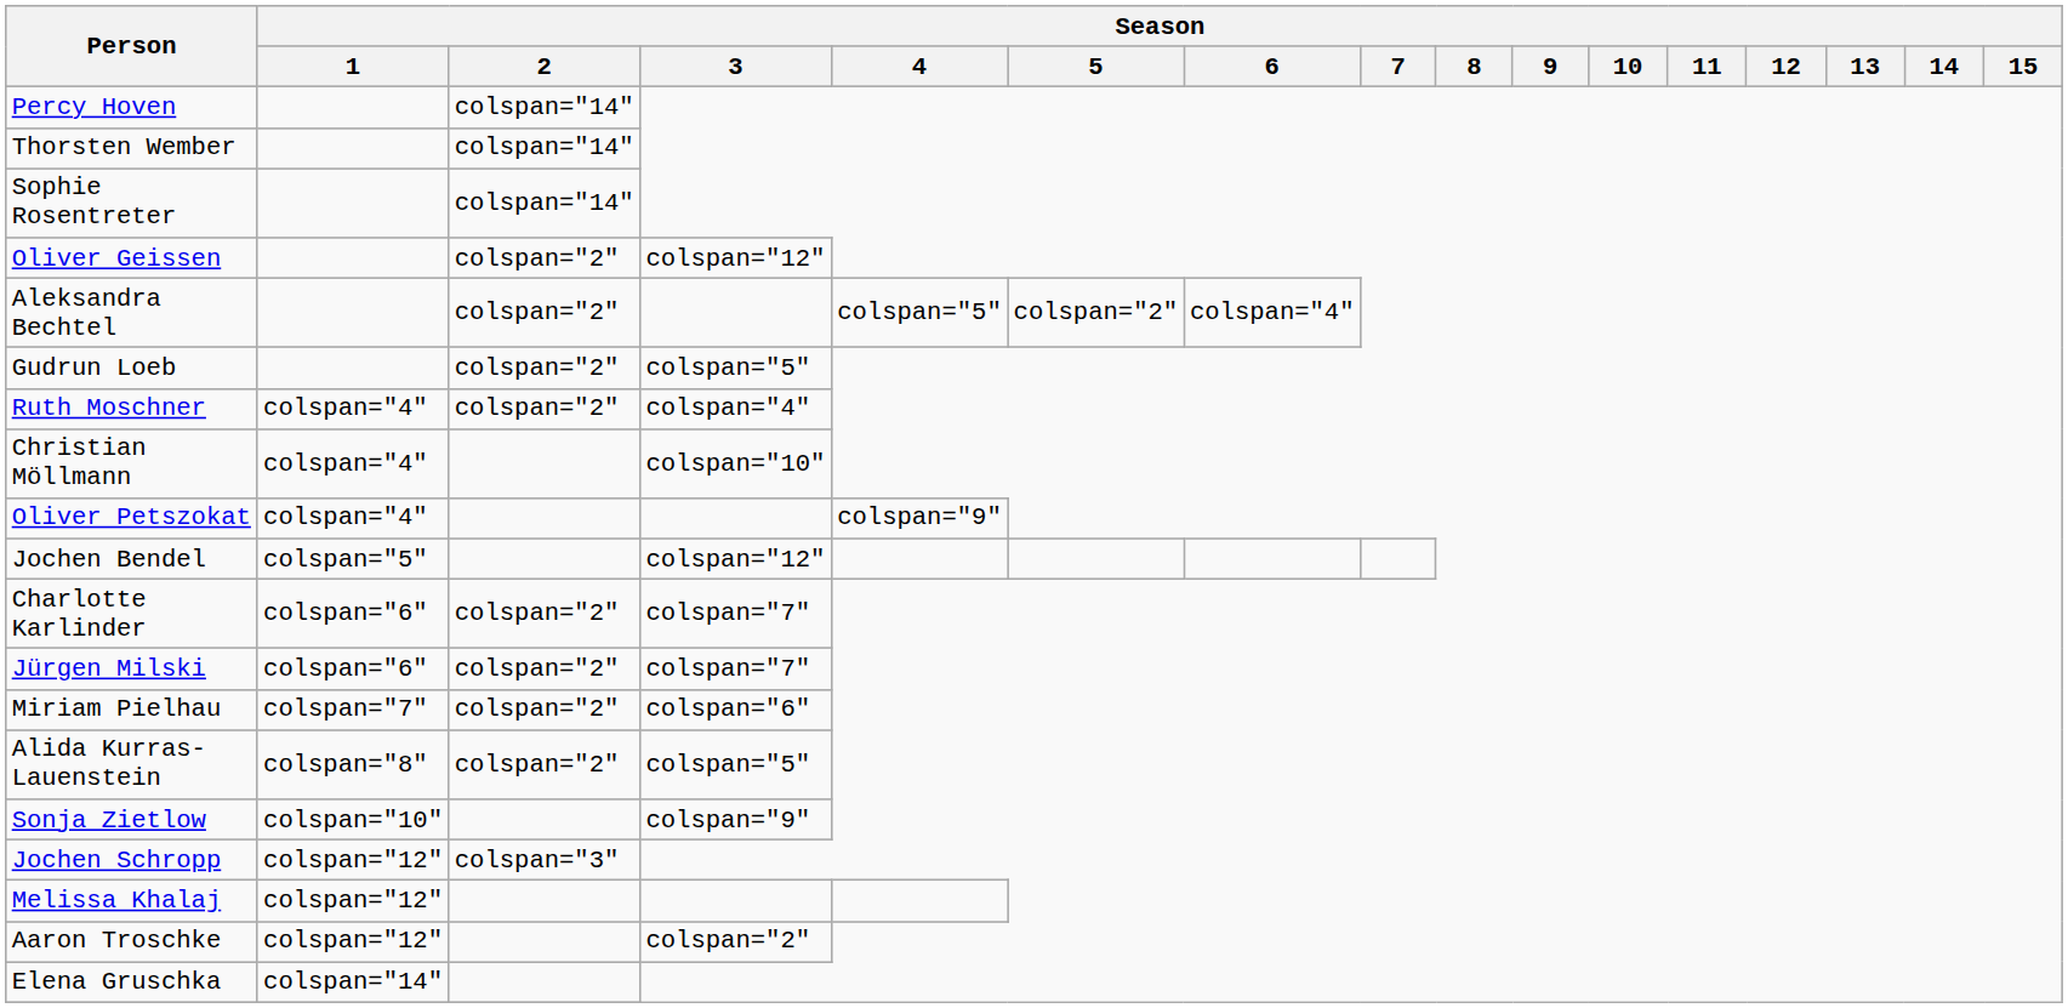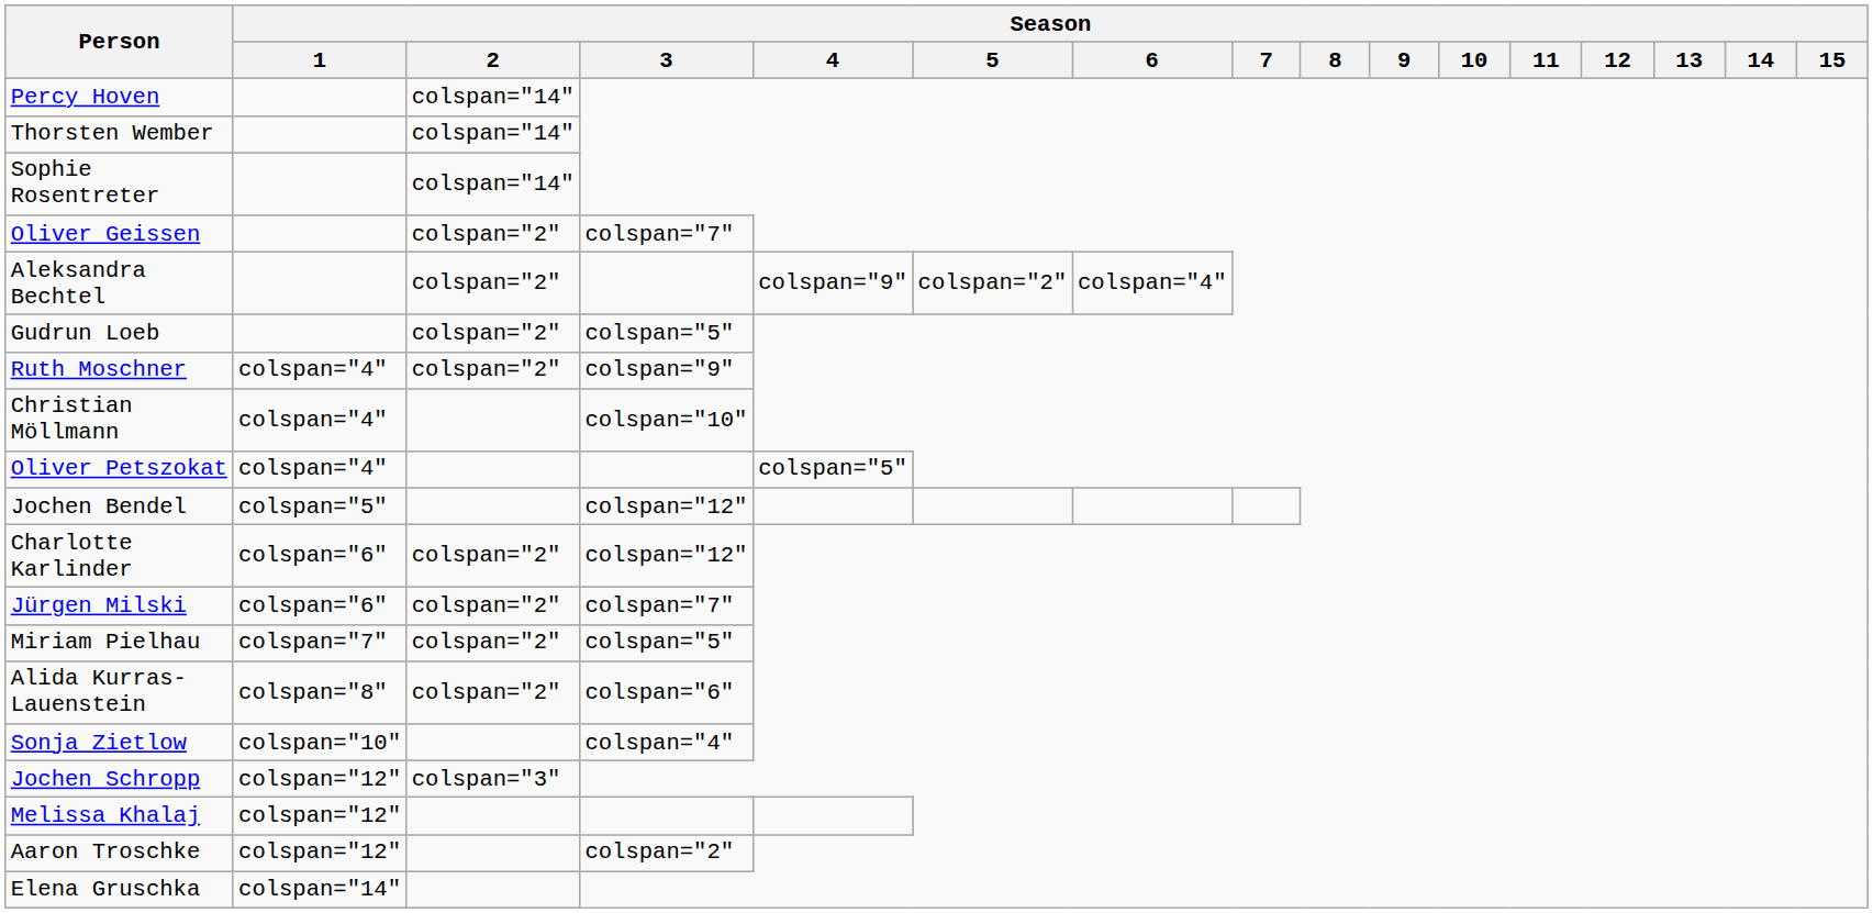 <table class="wikitable" style="width:85%">
 <tr>
 <th rowspan="2" style="width:135px">Person</th>
 <th colspan="15">Season</th>
 </tr>
 <tr>
 <th style="width:40px">1</th>
 <th style="width:40px">2</th>
 <th style="width:40px">3</th>
 <th style="width:40px">4</th>
 <th style="width:40px">5</th>
 <th style="width:40px">6</th>
 <th style="width:40px">7</th>
 <th style="width:40px">8</th>
 <th style="width:40px">9</th>
 <th style="width:40px">10</th>
 <th style="width:40px">11</th>
 <th style="width:40px">12</th>
 <th style="width:40px">13</th>
 <th style="width:40px">14</th>
 <th style="width:40px">15</th>
 </tr>
 <tr>
 <td><a href='#'>Percy Hoven</a></td>
 <td></td>
 <td>colspan="14" </td>
 </tr>
 <tr>
 <td>Thorsten Wember</td>
 <td></td>
 <td>colspan="14" </td>
 </tr>
 <tr>
 <td>Sophie Rosentreter</td>
 <td></td>
 <td>colspan="14" </td>
 </tr>
 <tr>
 <td><a href='#'>Oliver Geissen</a></td>
 <td></td>
 <td>colspan="2" </td>
-<td>colspan="12" </td>
+<td>colspan="7" </td>
 </tr>
 <tr>
 <td>Aleksandra Bechtel</td>
 <td></td>
 <td>colspan="2" </td>
 <td></td>
-<td>colspan="5" </td>
+<td>colspan="9" </td>
 <td>colspan="2" </td>
 <td>colspan="4" </td>
 </tr>
 <tr>
 <td>Gudrun Loeb</td>
 <td></td>
 <td>colspan="2" </td>
 <td>colspan="5" </td>
 </tr>
 <tr>
 <td><a href='#'>Ruth Moschner</a></td>
 <td>colspan="4" </td>
 <td>colspan="2" </td>
-<td>colspan="4" </td>
+<td>colspan="9" </td>
 </tr>
 <tr>
 <td>Christian Möllmann</td>
 <td>colspan="4" </td>
 <td></td>
 <td>colspan="10" </td>
 </tr>
 <tr>
 <td><a href='#'>Oliver Petszokat</a></td>
 <td>colspan="4" </td>
 <td></td>
 <td></td>
-<td>colspan="9" </td>
+<td>colspan="5" </td>
 </tr>
 <tr>
 <td>Jochen Bendel</td>
 <td>colspan="5" </td>
 <td></td>
 <td>colspan="12" </td>
 <td></td>
 <td></td>
 <td></td>
 <td></td>
 </tr>
 <tr>
 <td>Charlotte Karlinder</td>
 <td>colspan="6" </td>
 <td>colspan="2" </td>
-<td>colspan="7" </td>
+<td>colspan="12" </td>
 </tr>
 <tr>
 <td><a href='#'>Jürgen Milski</a></td>
 <td>colspan="6" </td>
 <td>colspan="2" </td>
 <td>colspan="7" </td>
 </tr>
 <tr>
 <td>Miriam Pielhau</td>
 <td>colspan="7" </td>
 <td>colspan="2" </td>
-<td>colspan="6" </td>
+<td>colspan="5" </td>
 </tr>
 <tr>
 <td>Alida Kurras-Lauenstein</td>
 <td>colspan="8" </td>
 <td>colspan="2" </td>
-<td>colspan="5" </td>
+<td>colspan="6" </td>
 </tr>
 <tr>
 <td><a href='#'>Sonja Zietlow</a></td>
 <td>colspan="10" </td>
 <td></td>
-<td>colspan="9" </td>
+<td>colspan="4" </td>
 </tr>
 <tr>
 <td><a href='#'>Jochen Schropp</a></td>
 <td>colspan="12" </td>
 <td>colspan="3" </td>
 </tr>
 <tr>
 <td><a href='#'>Melissa Khalaj</a></td>
 <td>colspan="12" </td>
 <td></td>
 <td></td>
 <td></td>
 </tr>
 <tr>
 <td>Aaron Troschke</td>
 <td>colspan="12" </td>
 <td></td>
 <td>colspan="2" </td>
 </tr>
 <tr>
 <td>Elena Gruschka</td>
 <td>colspan="14" </td>
 <td></td>
 </tr>
 <tr>
 </tr>
 </table>
